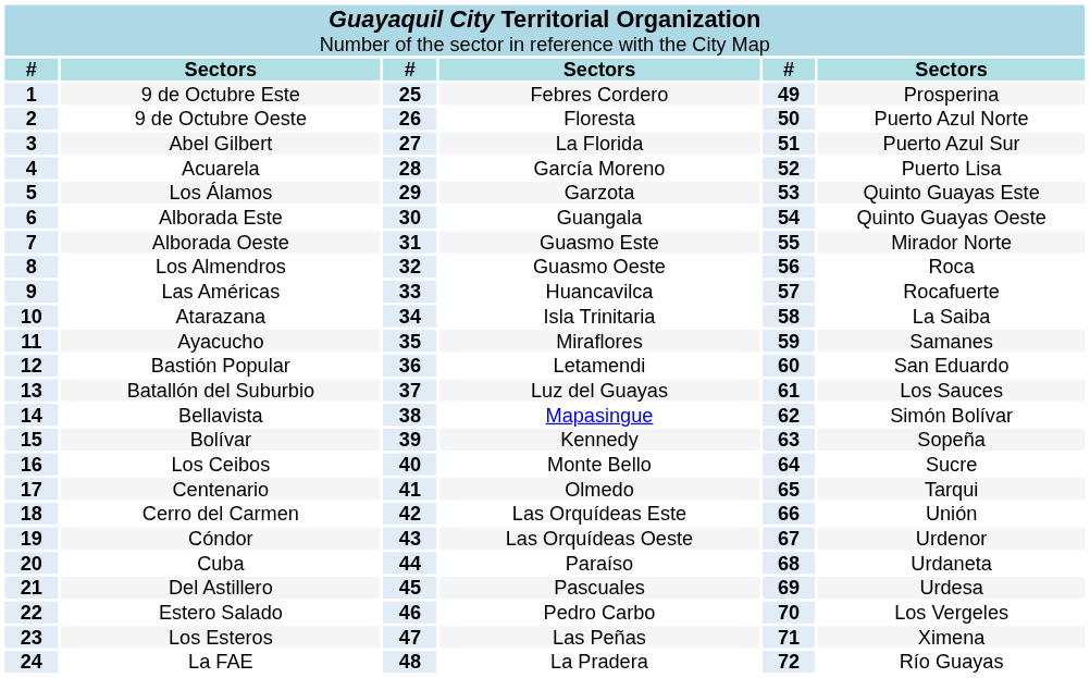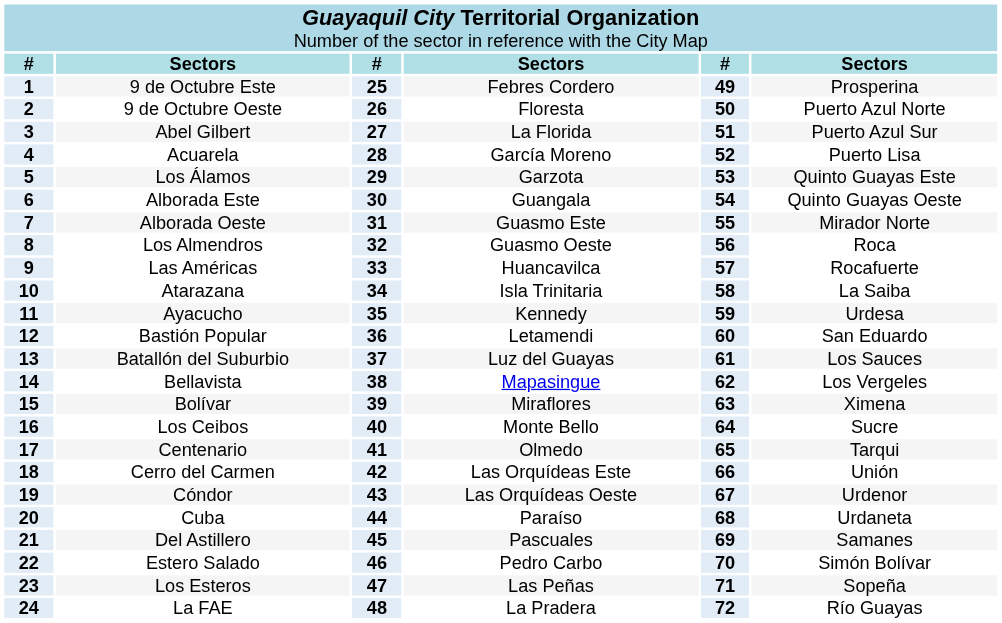 <table class="toc" cellpadding="0" cellspacing="2" style="width:50%; text-align:center; margin-left:3px; font-size:90%;">
 <tr>
 <td style="background:#add8e6; text-align:center;" colspan="8"><strong><big><em>Guayaquil City</em> Territorial Organization</big></strong><br>Number of the sector in reference with the City Map</td>
 </tr>
 <tr style="background:#b0e0e6;">
 <th style="width:5%;">#</th>
 <th style="width:30%;">Sectors</th>
 <th style="width:5%;">#</th>
 <th style="width:30%;">Sectors</th>
 <th style="width:5%;">#</th>
 <th style="width:30%;">Sectors</th>
 </tr>
 <tr>
 <td style="background:#e1ecf7;"><strong>1</strong></td>
 <td style="background:#f5f5f5;">9 de Octubre Este</td>
 <td style="background:#e1ecf7;"><strong>25</strong></td>
 <td style="background:#f5f5f5;">Febres Cordero</td>
 <td style="background:#e1ecf7;"><strong>49</strong></td>
 <td style="background:#f5f5f5;">Prosperina</td>
 </tr>
 <tr>
 <td style="background:#e1ecf7;"><strong>2</strong></td>
 <td>9 de Octubre Oeste</td>
 <td style="background:#e1ecf7;"><strong>26</strong></td>
 <td>Floresta</td>
 <td style="background:#e1ecf7;"><strong>50</strong></td>
 <td>Puerto Azul Norte</td>
 </tr>
 <tr>
 <td style="background:#e1ecf7;"><strong>3</strong></td>
 <td style="background:#f5f5f5;">Abel Gilbert</td>
 <td style="background:#e1ecf7;"><strong>27</strong></td>
 <td style="background:#f5f5f5;">La Florida</td>
 <td style="background:#e1ecf7;"><strong>51</strong></td>
 <td style="background:#f5f5f5;">Puerto Azul Sur</td>
 </tr>
 <tr>
 <td style="background:#e1ecf7;"><strong>4</strong></td>
 <td>Acuarela</td>
 <td style="background:#e1ecf7;"><strong>28</strong></td>
 <td>García Moreno</td>
 <td style="background:#e1ecf7;"><strong>52</strong></td>
 <td>Puerto Lisa</td>
 </tr>
 <tr>
 <td style="background:#e1ecf7;"><strong>5</strong></td>
 <td style="background:#f5f5f5;">Los Álamos</td>
 <td style="background:#e1ecf7;"><strong>29</strong></td>
 <td style="background:#f5f5f5;">Garzota</td>
 <td style="background:#e1ecf7;"><strong>53</strong></td>
 <td style="background:#f5f5f5;">Quinto Guayas Este</td>
 </tr>
 <tr>
 <td style="background:#e1ecf7;"><strong>6</strong></td>
 <td>Alborada Este</td>
 <td style="background:#e1ecf7;"><strong>30</strong></td>
 <td>Guangala</td>
 <td style="background:#e1ecf7;"><strong>54</strong></td>
 <td>Quinto Guayas Oeste</td>
 </tr>
 <tr style="background:#f5f5f5;">
 <td style="background:#e1ecf7;"><strong>7</strong></td>
 <td>Alborada Oeste</td>
 <td style="background:#e1ecf7;"><strong>31</strong></td>
 <td>Guasmo Este</td>
 <td style="background:#e1ecf7;"><strong>55</strong></td>
 <td>Mirador Norte</td>
 </tr>
 <tr>
 <td style="background:#e1ecf7;"><strong>8</strong></td>
 <td>Los Almendros</td>
 <td style="background:#e1ecf7;"><strong>32</strong></td>
 <td>Guasmo Oeste</td>
 <td style="background:#e1ecf7;"><strong>56</strong></td>
 <td>Roca</td>
 </tr>
 <tr>
 <td style="background:#e1ecf7;"><strong>9</strong></td>
 <td>Las Américas</td>
 <td style="background:#e1ecf7;"><strong>33</strong></td>
 <td>Huancavilca</td>
 <td style="background:#e1ecf7;"><strong>57</strong></td>
 <td>Rocafuerte</td>
 </tr>
 <tr>
 <td style="background:#e1ecf7;"><strong>10</strong></td>
 <td>Atarazana</td>
 <td style="background:#e1ecf7;"><strong>34</strong></td>
 <td>Isla Trinitaria</td>
 <td style="background:#e1ecf7;"><strong>58</strong></td>
 <td>La Saiba</td>
 </tr>
 <tr>
 <td style="background:#e1ecf7;"><strong>11</strong></td>
 <td style="background:#f5f5f5;">Ayacucho</td>
 <td style="background:#e1ecf7;"><strong>35</strong></td>
-<td style="background:#f5f5f5;">Miraflores</td>
+<td style="background:#f5f5f5;">Kennedy</td>
 <td style="background:#e1ecf7;"><strong>59</strong></td>
-<td style="background:#f5f5f5;">Samanes</td>
+<td style="background:#f5f5f5;">Urdesa</td>
 </tr>
 <tr>
 <td style="background:#e1ecf7;"><strong>12</strong></td>
 <td>Bastión Popular</td>
 <td style="background:#e1ecf7;"><strong>36</strong></td>
 <td>Letamendi</td>
 <td style="background:#e1ecf7;"><strong>60</strong></td>
 <td>San Eduardo</td>
 </tr>
 <tr>
 <td style="background:#e1ecf7;"><strong>13</strong></td>
 <td style="background:#f5f5f5;">Batallón del Suburbio</td>
 <td style="background:#e1ecf7;"><strong>37</strong></td>
 <td style="background:#f5f5f5;">Luz del Guayas</td>
 <td style="background:#e1ecf7;"><strong>61</strong></td>
 <td style="background:#f5f5f5;">Los Sauces</td>
 </tr>
 <tr>
 <td style="background:#e1ecf7;"><strong>14</strong></td>
 <td>Bellavista</td>
 <td style="background:#e1ecf7;"><strong>38</strong></td>
 <td><a href='#'>Mapasingue</a></td>
 <td style="background:#e1ecf7;"><strong>62</strong></td>
-<td>Simón Bolívar</td>
+<td>Los Vergeles</td>
 </tr>
 <tr>
 <td style="background:#e1ecf7;"><strong>15</strong></td>
 <td style="background:#f5f5f5;">Bolívar</td>
 <td style="background:#e1ecf7;"><strong>39</strong></td>
-<td style="background:#f5f5f5;">Kennedy</td>
+<td style="background:#f5f5f5;">Miraflores</td>
 <td style="background:#e1ecf7;"><strong>63</strong></td>
-<td style="background:#f5f5f5;">Sopeña</td>
+<td style="background:#f5f5f5;">Ximena</td>
 </tr>
 <tr>
 <td style="background:#e1ecf7;"><strong>16</strong></td>
 <td>Los Ceibos</td>
 <td style="background:#e1ecf7;"><strong>40</strong></td>
 <td>Monte Bello</td>
 <td style="background:#e1ecf7;"><strong>64</strong></td>
 <td>Sucre</td>
 </tr>
 <tr>
 <td style="background:#e1ecf7;"><strong>17</strong></td>
 <td style="background:#f5f5f5;">Centenario</td>
 <td style="background:#e1ecf7;"><strong>41</strong></td>
 <td style="background:#f5f5f5;">Olmedo</td>
 <td style="background:#e1ecf7;"><strong>65</strong></td>
 <td style="background:#f5f5f5;">Tarqui</td>
 </tr>
 <tr>
 <td style="background:#e1ecf7;"><strong>18</strong></td>
 <td>Cerro del Carmen</td>
 <td style="background:#e1ecf7;"><strong>42</strong></td>
 <td>Las Orquídeas Este</td>
 <td style="background:#e1ecf7;"><strong>66</strong></td>
 <td>Unión</td>
 </tr>
 <tr>
 <td style="background:#e1ecf7;"><strong>19</strong></td>
 <td style="background:#f5f5f5;">Cóndor</td>
 <td style="background:#e1ecf7;"><strong>43</strong></td>
 <td style="background:#f5f5f5;">Las Orquídeas Oeste</td>
 <td style="background:#e1ecf7;"><strong>67</strong></td>
 <td style="background:#f5f5f5;">Urdenor</td>
 </tr>
 <tr>
 <td style="background:#e1ecf7;"><strong>20</strong></td>
 <td>Cuba</td>
 <td style="background:#e1ecf7;"><strong>44</strong></td>
 <td>Paraíso</td>
 <td style="background:#e1ecf7;"><strong>68</strong></td>
 <td>Urdaneta</td>
 </tr>
 <tr>
 <td style="background:#e1ecf7;"><strong>21</strong></td>
 <td style="background:#f5f5f5;">Del Astillero</td>
 <td style="background:#e1ecf7;"><strong>45</strong></td>
 <td style="background:#f5f5f5;">Pascuales</td>
 <td style="background:#e1ecf7;"><strong>69</strong></td>
-<td style="background:#f5f5f5;">Urdesa</td>
+<td style="background:#f5f5f5;">Samanes</td>
 </tr>
 <tr>
 <td style="background:#e1ecf7;"><strong>22</strong></td>
 <td>Estero Salado</td>
 <td style="background:#e1ecf7;"><strong>46</strong></td>
 <td>Pedro Carbo</td>
 <td style="background:#e1ecf7;"><strong>70</strong></td>
-<td>Los Vergeles</td>
+<td>Simón Bolívar</td>
 </tr>
 <tr>
 <td style="background:#e1ecf7;"><strong>23</strong></td>
 <td style="background:#f5f5f5;">Los Esteros</td>
 <td style="background:#e1ecf7;"><strong>47</strong></td>
 <td style="background:#f5f5f5;">Las Peñas</td>
 <td style="background:#e1ecf7;"><strong>71</strong></td>
-<td style="background:#f5f5f5;">Ximena</td>
+<td style="background:#f5f5f5;">Sopeña</td>
 </tr>
 <tr>
 <td style="background:#e1ecf7;"><strong>24</strong></td>
 <td>La FAE</td>
 <td style="background:#e1ecf7;"><strong>48</strong></td>
 <td>La Pradera</td>
 <td style="background:#e1ecf7;"><strong>72</strong></td>
 <td>Río Guayas</td>
 </tr>
 </table>
